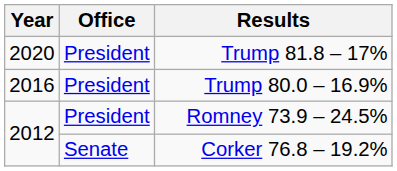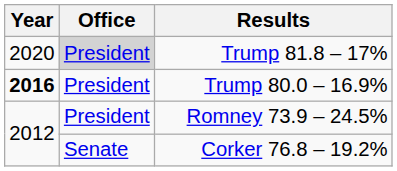 <table class=wikitable>
 <tr>
 <th width="30">Year</th>
 <th width="60">Office</th>
 <th width="180">Results</th>
 </tr>
 <tr>
 <td>2020</td>
-<td><a href='#'>President</a></td>
+<td style="background: lightgrey;"><a href='#'>President</a></td>
 <td align="right" ><a href='#'>Trump</a> 81.8 – 17%</td>
 </tr>
 <tr>
-<td>2016</td>
+<td><strong>2016</strong></td>
 <td><a href='#'>President</a></td>
 <td align="right" ><a href='#'>Trump</a> 80.0 – 16.9%</td>
 </tr>
 <tr>
 <td rowspan="2">2012</td>
 <td><a href='#'>President</a></td>
 <td align="right" ><a href='#'>Romney</a> 73.9 – 24.5%</td>
 </tr>
 <tr>
 <td><a href='#'>Senate</a></td>
 <td align="right" ><a href='#'>Corker</a> 76.8 – 19.2%</td>
 </tr>
 </table>
